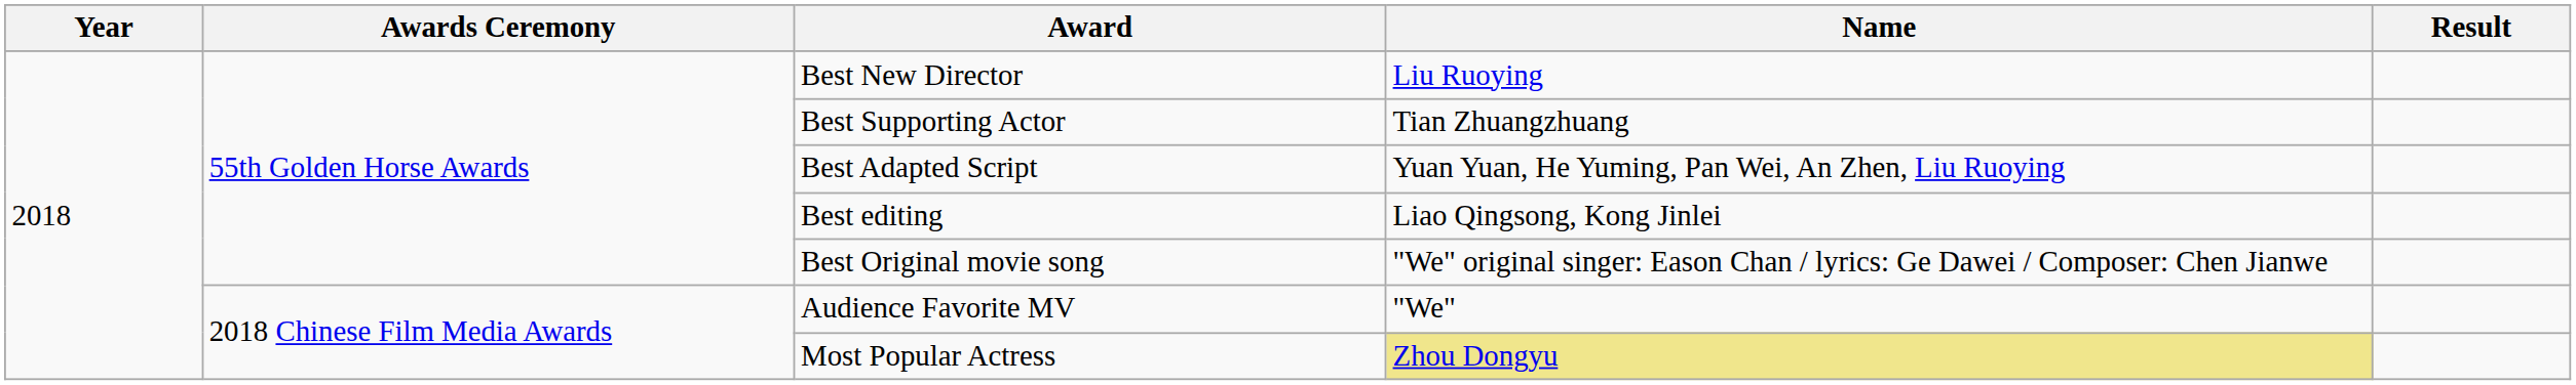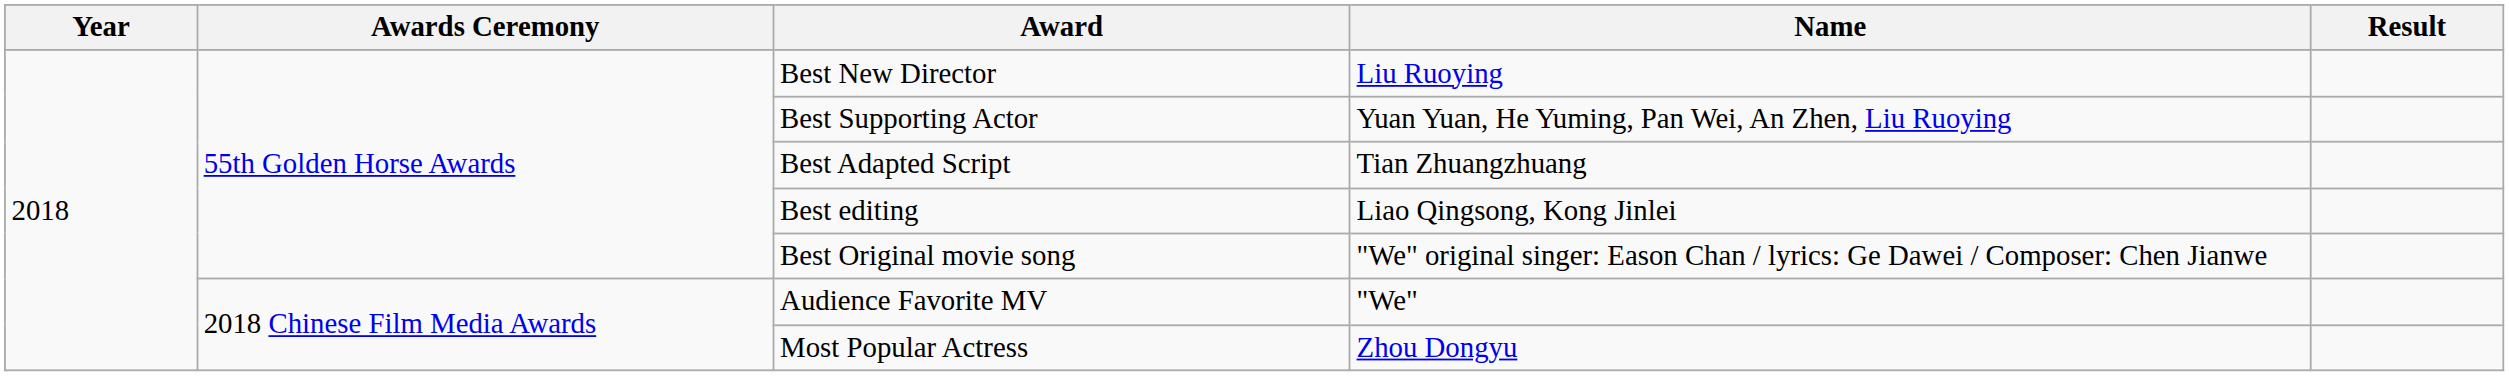 <table class="wikitable" width="70%">
 <tr align=center>
 <th width="5%">Year</th>
 <th width="15%">Awards Ceremony</th>
 <th width="15%">Award</th>
 <th width="25%">Name</th>
 <th width="5%">Result</th>
 </tr>
 <tr>
 <td rowspan="7">2018</td>
 <td rowspan="5"><a href='#'>55th Golden Horse Awards</a></td>
 <td>Best New Director</td>
 <td><a href='#'>Liu Ruoying</a></td>
 <td></td>
 </tr>
 <tr>
 <td>Best Supporting Actor</td>
-<td>Tian Zhuangzhuang</td>
+<td>Yuan Yuan, He Yuming, Pan Wei, An Zhen, <a href='#'>Liu Ruoying</a></td>
 <td></td>
 </tr>
 <tr>
 <td>Best Adapted Script</td>
-<td>Yuan Yuan, He Yuming, Pan Wei, An Zhen, <a href='#'>Liu Ruoying</a></td>
+<td>Tian Zhuangzhuang</td>
 <td></td>
 </tr>
 <tr>
 <td>Best editing</td>
 <td>Liao Qingsong, Kong Jinlei</td>
 <td></td>
 </tr>
 <tr>
 <td>Best Original movie song</td>
 <td>"We" original singer: Eason Chan / lyrics: Ge Dawei / Composer: Chen Jianwe</td>
 <td></td>
 </tr>
 <tr>
 <td rowspan="2">2018 <a href='#'>Chinese Film Media Awards</a></td>
 <td>Audience Favorite MV</td>
 <td>"We"</td>
 <td></td>
 </tr>
 <tr>
 <td>Most Popular Actress</td>
-<td style="background: khaki;"><a href='#'>Zhou Dongyu</a></td>
+<td><a href='#'>Zhou Dongyu</a></td>
 <td></td>
 </tr>
 </table>
